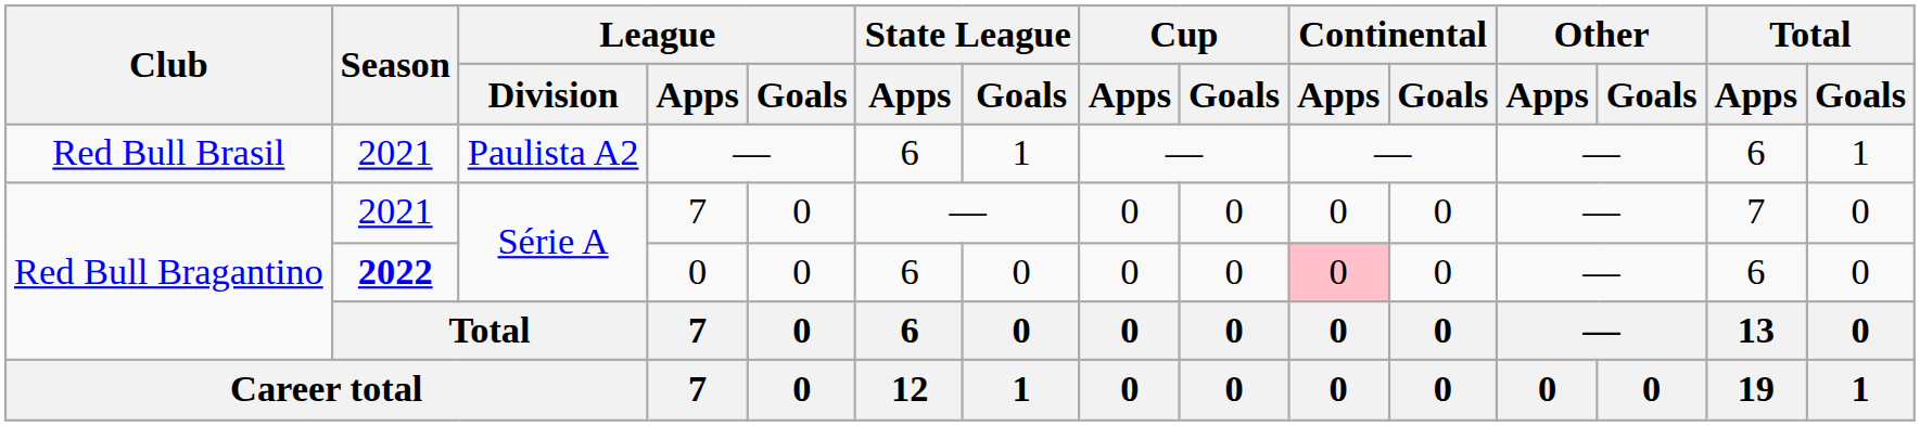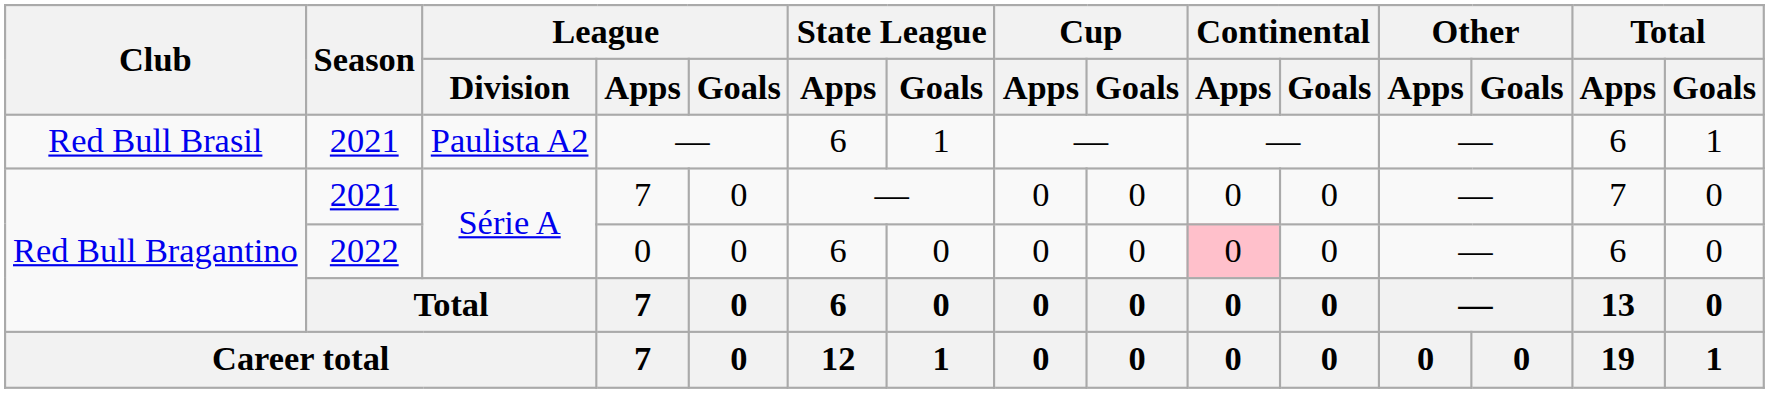 <table class="wikitable" style="text-align: center">
 <tr>
 <th rowspan="2">Club</th>
 <th rowspan="2">Season</th>
 <th colspan="3">League</th>
 <th colspan="2">State League</th>
 <th colspan="2">Cup</th>
 <th colspan="2">Continental</th>
 <th colspan="2">Other</th>
 <th colspan="2">Total</th>
 </tr>
 <tr>
 <th>Division</th>
 <th>Apps</th>
 <th>Goals</th>
 <th>Apps</th>
 <th>Goals</th>
 <th>Apps</th>
 <th>Goals</th>
 <th>Apps</th>
 <th>Goals</th>
 <th>Apps</th>
 <th>Goals</th>
 <th>Apps</th>
 <th>Goals</th>
 </tr>
 <tr>
 <td><a href='#'>Red Bull Brasil</a></td>
 <td><a href='#'>2021</a></td>
 <td><a href='#'>Paulista A2</a></td>
 <td colspan="2">—</td>
 <td>6</td>
 <td>1</td>
 <td colspan="2">—</td>
 <td colspan="2">—</td>
 <td colspan="2">—</td>
 <td>6</td>
 <td>1</td>
 </tr>
 <tr>
 <td rowspan="3"><a href='#'>Red Bull Bragantino</a></td>
 <td><a href='#'>2021</a></td>
 <td rowspan="2"><a href='#'>Série A</a></td>
 <td>7</td>
 <td>0</td>
 <td colspan="2">—</td>
 <td>0</td>
 <td>0</td>
 <td>0</td>
 <td>0</td>
 <td colspan="2">—</td>
 <td>7</td>
 <td>0</td>
 </tr>
 <tr>
-<td><strong><a href='#'>2022</a></strong></td>
+<td><a href='#'>2022</a></td>
 <td>0</td>
 <td>0</td>
 <td>6</td>
 <td>0</td>
 <td>0</td>
 <td>0</td>
 <td style="background: pink;">0</td>
 <td>0</td>
 <td colspan="2">—</td>
 <td>6</td>
 <td>0</td>
 </tr>
 <tr>
 <th colspan="2">Total</th>
 <th>7</th>
 <th>0</th>
 <th>6</th>
 <th>0</th>
 <th>0</th>
 <th>0</th>
 <th>0</th>
 <th>0</th>
 <th colspan="2">—</th>
 <th>13</th>
 <th>0</th>
 </tr>
 <tr>
 <th colspan="3"><strong>Career total</strong></th>
 <th>7</th>
 <th>0</th>
 <th>12</th>
 <th>1</th>
 <th>0</th>
 <th>0</th>
 <th>0</th>
 <th>0</th>
 <th>0</th>
 <th>0</th>
 <th>19</th>
 <th>1</th>
 </tr>
 </table>
